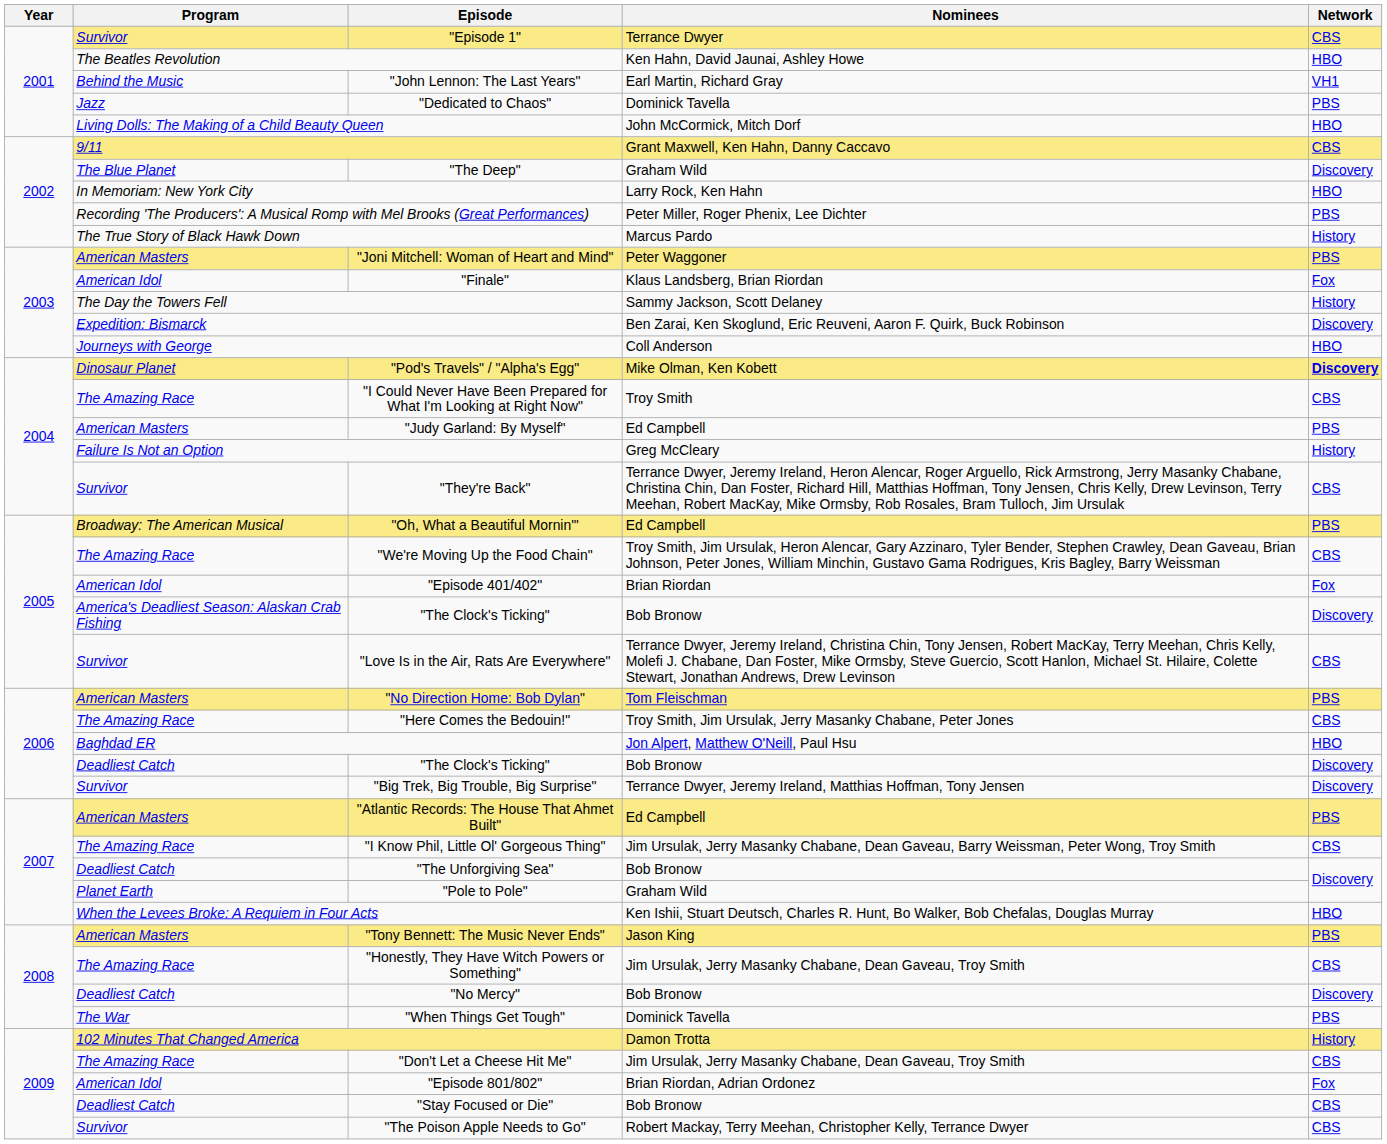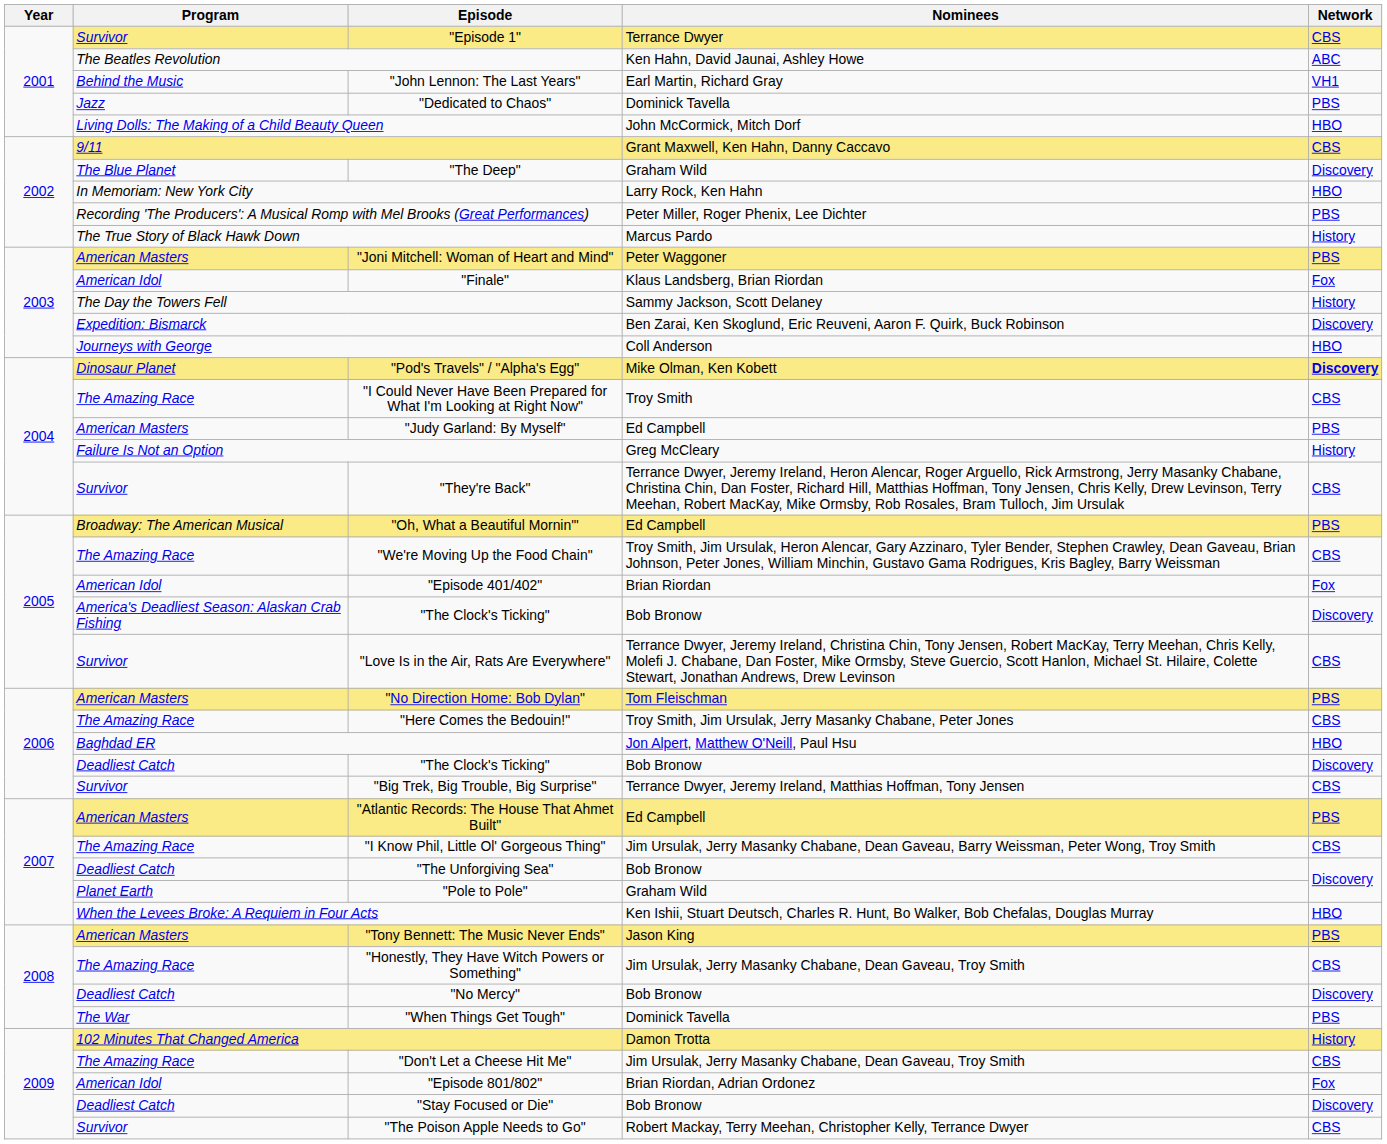 <table class="wikitable" style="width:100%">
 <tr style="background:#bebebe;">
 <th width="5%">Year</th>
 <th width="20%">Program</th>
 <th width="20%">Episode</th>
 <th width="50%">Nominees</th>
 <th width="5%">Network</th>
 </tr>
 <tr>
 <td rowspan=5 style="text-align:center;"><a href='#'>2001</a><br></td>
 <td style="background:#FAEB86;"><em><a href='#'>Survivor</a></em></td>
 <td style="background:#FAEB86;" align=center>"Episode 1"</td>
 <td style="background:#FAEB86;">Terrance Dwyer</td>
 <td style="background:#FAEB86;"><a href='#'>CBS</a></td>
 </tr>
 <tr>
 <td colspan=2><em>The Beatles Revolution</em></td>
 <td>Ken Hahn, David Jaunai, Ashley Howe</td>
-<td><a href='#'>HBO</a></td>
+<td><a href='#'>ABC</a></td>
 </tr>
 <tr>
 <td><em><a href='#'>Behind the Music</a></em></td>
 <td align=center>"John Lennon: The Last Years"</td>
 <td>Earl Martin, Richard Gray</td>
 <td><a href='#'>VH1</a></td>
 </tr>
 <tr>
 <td><em><a href='#'>Jazz</a></em></td>
 <td align=center>"Dedicated to Chaos"</td>
 <td>Dominick Tavella</td>
 <td><a href='#'>PBS</a></td>
 </tr>
 <tr>
 <td colspan=2><em><a href='#'>Living Dolls: The Making of a Child Beauty Queen</a></em></td>
 <td>John McCormick, Mitch Dorf</td>
 <td><a href='#'>HBO</a></td>
 </tr>
 <tr>
 <td rowspan=5 style="text-align:center;"><a href='#'>2002</a><br></td>
 <td style="background:#FAEB86;" colspan=2><em><a href='#'>9/11</a></em></td>
 <td style="background:#FAEB86;">Grant Maxwell, Ken Hahn, Danny Caccavo</td>
 <td style="background:#FAEB86;"><a href='#'>CBS</a></td>
 </tr>
 <tr>
 <td><em><a href='#'>The Blue Planet</a></em></td>
 <td align=center>"The Deep"</td>
 <td>Graham Wild</td>
 <td><a href='#'>Discovery</a></td>
 </tr>
 <tr>
 <td colspan=2><em>In Memoriam: New York City</em></td>
 <td>Larry Rock, Ken Hahn</td>
 <td><a href='#'>HBO</a></td>
 </tr>
 <tr>
 <td colspan=2><em>Recording 'The Producers': A Musical Romp with Mel Brooks (<a href='#'>Great Performances</a>)</em></td>
 <td>Peter Miller, Roger Phenix, Lee Dichter</td>
 <td><a href='#'>PBS</a></td>
 </tr>
 <tr>
 <td colspan=2><em>The True Story of Black Hawk Down</em></td>
 <td>Marcus Pardo</td>
 <td><a href='#'>History</a></td>
 </tr>
 <tr>
 <td rowspan=5 style="text-align:center;"><a href='#'>2003</a><br></td>
 <td style="background:#FAEB86;"><em><a href='#'>American Masters</a></em></td>
 <td style="background:#FAEB86;"  align=center>"Joni Mitchell: Woman of Heart and Mind"</td>
 <td style="background:#FAEB86;">Peter Waggoner</td>
 <td style="background:#FAEB86;"><a href='#'>PBS</a></td>
 </tr>
 <tr>
 <td><em><a href='#'>American Idol</a></em></td>
 <td align=center>"Finale"</td>
 <td>Klaus Landsberg, Brian Riordan</td>
 <td><a href='#'>Fox</a></td>
 </tr>
 <tr>
 <td colspan=2><em>The Day the Towers Fell</em></td>
 <td>Sammy Jackson, Scott Delaney</td>
 <td><a href='#'>History</a></td>
 </tr>
 <tr>
 <td colspan=2><em><a href='#'>Expedition: Bismarck</a></em></td>
 <td>Ben Zarai, Ken Skoglund, Eric Reuveni, Aaron F. Quirk, Buck Robinson</td>
 <td><a href='#'>Discovery</a></td>
 </tr>
 <tr>
 <td colspan=2><em><a href='#'>Journeys with George</a></em></td>
 <td>Coll Anderson</td>
 <td><a href='#'>HBO</a></td>
 </tr>
 <tr>
 <td rowspan=5 style="text-align:center;"><a href='#'>2004</a><br></td>
 <td style="background:#FAEB86;"><em><a href='#'>Dinosaur Planet</a></em></td>
 <td style="background:#FAEB86;"  align=center>"Pod's Travels" / "Alpha's Egg"</td>
 <td style="background:#FAEB86;">Mike Olman, Ken Kobett</td>
 <td style="background:#FAEB86;"><strong><a href='#'>Discovery</a></strong></td>
 </tr>
 <tr>
 <td><em><a href='#'>The Amazing Race</a></em></td>
 <td align=center>"I Could Never Have Been Prepared for What I'm Looking at Right Now"</td>
 <td>Troy Smith</td>
 <td><a href='#'>CBS</a></td>
 </tr>
 <tr>
 <td><em><a href='#'>American Masters</a></em></td>
 <td align=center>"Judy Garland: By Myself"</td>
 <td>Ed Campbell</td>
 <td><a href='#'>PBS</a></td>
 </tr>
 <tr>
 <td colspan=2><em><a href='#'>Failure Is Not an Option</a></em></td>
 <td>Greg McCleary</td>
 <td><a href='#'>History</a></td>
 </tr>
 <tr>
 <td><em><a href='#'>Survivor</a></em></td>
 <td align=center>"They're Back"</td>
 <td>Terrance Dwyer, Jeremy Ireland, Heron Alencar, Roger Arguello, Rick Armstrong, Jerry Masanky Chabane, Christina Chin, Dan Foster, Richard Hill, Matthias Hoffman, Tony Jensen, Chris Kelly, Drew Levinson, Terry Meehan, Robert MacKay, Mike Ormsby, Rob Rosales, Bram Tulloch, Jim Ursulak</td>
 <td><a href='#'>CBS</a></td>
 </tr>
 <tr>
 <td rowspan=5 style="text-align:center;"><a href='#'>2005</a><br></td>
 <td style="background:#FAEB86;"><em>Broadway: The American Musical</em></td>
 <td style="background:#FAEB86;"  align=center>"Oh, What a Beautiful Mornin'"</td>
 <td style="background:#FAEB86;">Ed Campbell</td>
 <td style="background:#FAEB86;"><a href='#'>PBS</a></td>
 </tr>
 <tr>
 <td><em><a href='#'>The Amazing Race</a></em></td>
 <td align=center>"We're Moving Up the Food Chain"</td>
 <td>Troy Smith, Jim Ursulak, Heron Alencar, Gary Azzinaro, Tyler Bender, Stephen Crawley, Dean Gaveau, Brian Johnson, Peter Jones, William Minchin, Gustavo Gama Rodrigues, Kris Bagley, Barry Weissman</td>
 <td><a href='#'>CBS</a></td>
 </tr>
 <tr>
 <td><em><a href='#'>American Idol</a></em></td>
 <td align=center>"Episode 401/402"</td>
 <td>Brian Riordan</td>
 <td><a href='#'>Fox</a></td>
 </tr>
 <tr>
 <td><em><a href='#'>America's Deadliest Season: Alaskan Crab Fishing</a></em></td>
 <td align=center>"The Clock's Ticking"</td>
 <td>Bob Bronow</td>
 <td><a href='#'>Discovery</a></td>
 </tr>
 <tr>
 <td><em><a href='#'>Survivor</a></em></td>
 <td align=center>"Love Is in the Air, Rats Are Everywhere"</td>
 <td>Terrance Dwyer, Jeremy Ireland, Christina Chin, Tony Jensen, Robert MacKay, Terry Meehan, Chris Kelly, Molefi J. Chabane, Dan Foster, Mike Ormsby, Steve Guercio, Scott Hanlon, Michael St. Hilaire, Colette Stewart, Jonathan Andrews, Drew Levinson</td>
 <td><a href='#'>CBS</a></td>
 </tr>
 <tr>
 <td rowspan=5 style="text-align:center;"><a href='#'>2006</a><br></td>
 <td style="background:#FAEB86;"><em><a href='#'>American Masters</a></em></td>
 <td style="background:#FAEB86;"  align=center>"<a href='#'>No Direction Home: Bob Dylan</a>"</td>
 <td style="background:#FAEB86;"><a href='#'>Tom Fleischman</a></td>
 <td style="background:#FAEB86;"><a href='#'>PBS</a></td>
 </tr>
 <tr>
 <td><em><a href='#'>The Amazing Race</a></em></td>
 <td align=center>"Here Comes the Bedouin!"</td>
 <td>Troy Smith, Jim Ursulak, Jerry Masanky Chabane, Peter Jones</td>
 <td><a href='#'>CBS</a></td>
 </tr>
 <tr>
 <td colspan=2><em><a href='#'>Baghdad ER</a></em></td>
 <td><a href='#'>Jon Alpert</a>, <a href='#'>Matthew O'Neill</a>, Paul Hsu</td>
 <td><a href='#'>HBO</a></td>
 </tr>
 <tr>
 <td><em><a href='#'>Deadliest Catch</a></em></td>
 <td align=center>"The Clock's Ticking"</td>
 <td>Bob Bronow</td>
 <td><a href='#'>Discovery</a></td>
 </tr>
 <tr>
 <td><em><a href='#'>Survivor</a></em></td>
 <td align=center>"Big Trek, Big Trouble, Big Surprise"</td>
 <td>Terrance Dwyer, Jeremy Ireland, Matthias Hoffman, Tony Jensen</td>
-<td><a href='#'>Discovery</a></td>
+<td><a href='#'>CBS</a></td>
 </tr>
 <tr>
 <td rowspan=5 style="text-align:center;"><a href='#'>2007</a><br></td>
 <td style="background:#FAEB86;"><em><a href='#'>American Masters</a></em></td>
 <td style="background:#FAEB86;"  align=center>"Atlantic Records: The House That Ahmet Built"</td>
 <td style="background:#FAEB86;">Ed Campbell</td>
 <td style="background:#FAEB86;"><a href='#'>PBS</a></td>
 </tr>
 <tr>
 <td><em><a href='#'>The Amazing Race</a></em></td>
 <td align=center>"I Know Phil, Little Ol' Gorgeous Thing"</td>
 <td>Jim Ursulak, Jerry Masanky Chabane, Dean Gaveau, Barry Weissman, Peter Wong, Troy Smith</td>
 <td><a href='#'>CBS</a></td>
 </tr>
 <tr>
 <td><em><a href='#'>Deadliest Catch</a></em></td>
 <td align=center>"The Unforgiving Sea"</td>
 <td>Bob Bronow</td>
 <td rowspan=2><a href='#'>Discovery</a></td>
 </tr>
 <tr>
 <td><em><a href='#'>Planet Earth</a></em></td>
 <td align=center>"Pole to Pole"</td>
 <td>Graham Wild</td>
 </tr>
 <tr>
 <td colspan=2><em><a href='#'>When the Levees Broke: A Requiem in Four Acts</a></em></td>
 <td>Ken Ishii, Stuart Deutsch, Charles R. Hunt, Bo Walker, Bob Chefalas, Douglas Murray</td>
 <td><a href='#'>HBO</a></td>
 </tr>
 <tr>
 <td rowspan=4 style="text-align:center;"><a href='#'>2008</a><br></td>
 <td style="background:#FAEB86;"><em><a href='#'>American Masters</a></em></td>
 <td style="background:#FAEB86;"  align=center>"Tony Bennett: The Music Never Ends"</td>
 <td style="background:#FAEB86;">Jason King</td>
 <td style="background:#FAEB86;"><a href='#'>PBS</a></td>
 </tr>
 <tr>
 <td><em><a href='#'>The Amazing Race</a></em></td>
 <td align=center>"Honestly, They Have Witch Powers or Something"</td>
 <td>Jim Ursulak, Jerry Masanky Chabane, Dean Gaveau, Troy Smith</td>
 <td><a href='#'>CBS</a></td>
 </tr>
 <tr>
 <td><em><a href='#'>Deadliest Catch</a></em></td>
 <td align=center>"No Mercy"</td>
 <td>Bob Bronow</td>
 <td><a href='#'>Discovery</a></td>
 </tr>
 <tr>
 <td><em><a href='#'>The War</a></em></td>
 <td align=center>"When Things Get Tough"</td>
 <td>Dominick Tavella</td>
 <td><a href='#'>PBS</a></td>
 </tr>
 <tr>
 <td rowspan=5 style="text-align:center;"><a href='#'>2009</a><br></td>
 <td style="background:#FAEB86;" colspan=2><em><a href='#'>102 Minutes That Changed America</a></em></td>
 <td style="background:#FAEB86;">Damon Trotta</td>
 <td style="background:#FAEB86;"><a href='#'>History</a></td>
 </tr>
 <tr>
 <td><em><a href='#'>The Amazing Race</a></em></td>
 <td align=center>"Don't Let a Cheese Hit Me"</td>
 <td>Jim Ursulak, Jerry Masanky Chabane, Dean Gaveau, Troy Smith</td>
 <td><a href='#'>CBS</a></td>
 </tr>
 <tr>
 <td><em><a href='#'>American Idol</a></em></td>
 <td align=center>"Episode 801/802"</td>
 <td>Brian Riordan, Adrian Ordonez</td>
 <td><a href='#'>Fox</a></td>
 </tr>
 <tr>
 <td><em><a href='#'>Deadliest Catch</a></em></td>
 <td align=center>"Stay Focused or Die"</td>
 <td>Bob Bronow</td>
-<td><a href='#'>CBS</a></td>
+<td><a href='#'>Discovery</a></td>
 </tr>
 <tr>
 <td><em><a href='#'>Survivor</a></em></td>
 <td align=center>"The Poison Apple Needs to Go"</td>
 <td>Robert Mackay, Terry Meehan, Christopher Kelly, Terrance Dwyer</td>
 <td><a href='#'>CBS</a></td>
 </tr>
 </table>
